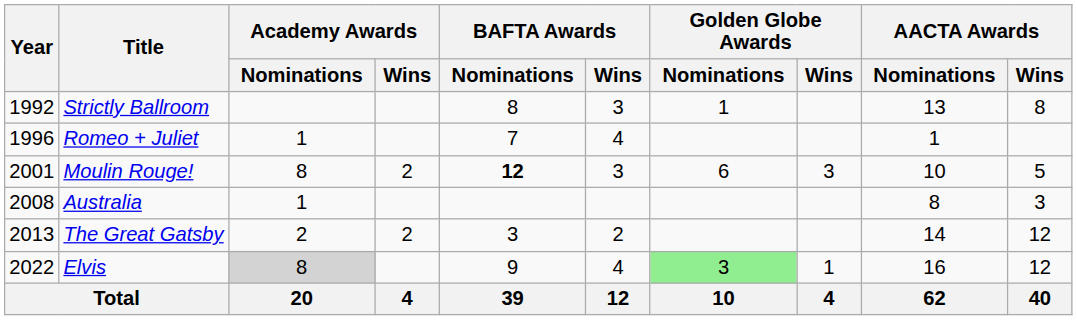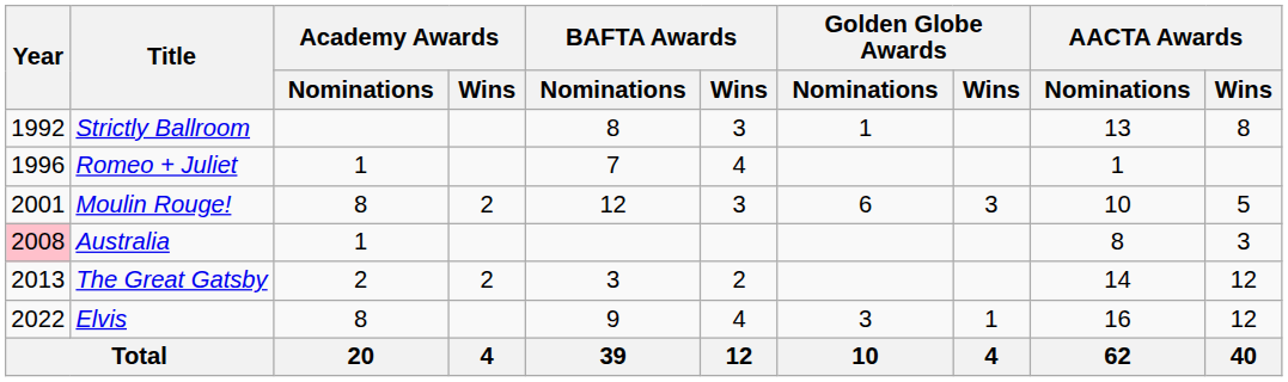 <table class="wikitable">
 <tr>
 <th rowspan="2">Year</th>
 <th rowspan="2">Title</th>
 <th colspan="2" style="text-align:center;" width=160>Academy Awards</th>
 <th colspan="2" style="text-align:center;" width=160>BAFTA Awards</th>
 <th colspan="2" style="text-align:center;" width=160>Golden Globe Awards</th>
 <th colspan="2" style="text-align:center;" width=160>AACTA Awards</th>
 </tr>
 <tr>
 <th>Nominations</th>
 <th>Wins</th>
 <th>Nominations</th>
 <th>Wins</th>
 <th>Nominations</th>
 <th>Wins</th>
 <th>Nominations</th>
 <th>Wins</th>
 </tr>
 <tr>
 <td>1992</td>
 <td><em><a href='#'>Strictly Ballroom</a></em></td>
 <td></td>
 <td></td>
 <td align=center>8</td>
 <td align=center>3</td>
 <td align=center>1</td>
 <td></td>
 <td align=center>13</td>
 <td align=center>8</td>
 </tr>
 <tr>
 <td>1996</td>
 <td><em><a href='#'>Romeo + Juliet</a></em></td>
 <td align=center>1</td>
 <td></td>
 <td align=center>7</td>
 <td align=center>4</td>
 <td></td>
 <td></td>
 <td align=center>1</td>
 <td></td>
 </tr>
 <tr>
 <td>2001</td>
 <td><em><a href='#'>Moulin Rouge!</a></em></td>
 <td align=center>8</td>
 <td align=center>2</td>
-<td align=center><strong>12</strong></td>
+<td align=center>12</td>
 <td align=center>3</td>
 <td align=center>6</td>
 <td align=center>3</td>
 <td align=center>10</td>
 <td align=center>5</td>
 </tr>
 <tr>
-<td>2008</td>
+<td style="background: pink;">2008</td>
 <td><em><a href='#'>Australia</a></em></td>
 <td align=center>1</td>
 <td></td>
 <td></td>
 <td></td>
 <td></td>
 <td></td>
 <td align=center>8</td>
 <td align=center>3</td>
 </tr>
 <tr>
 <td>2013</td>
 <td><em><a href='#'>The Great Gatsby</a></em></td>
 <td align=center>2</td>
 <td align=center>2</td>
 <td align=center>3</td>
 <td align=center>2</td>
 <td></td>
 <td></td>
 <td align=center>14</td>
 <td align=center>12</td>
 </tr>
 <tr>
 <td>2022</td>
 <td><em><a href='#'>Elvis</a></em></td>
-<td align=center style="background: lightgrey;">8</td>
+<td align=center>8</td>
 <td></td>
 <td align=center>9</td>
 <td align=center>4</td>
-<td align=center style="background: lightgreen;">3</td>
+<td align=center>3</td>
 <td align=center>1</td>
 <td align=center>16</td>
 <td align=center>12</td>
 </tr>
 <tr>
 <th colspan="2">Total</th>
 <th align=center>20</th>
 <th align=center>4</th>
 <th align=center>39</th>
 <th align=center>12</th>
 <th align=center>10</th>
 <th align=center>4</th>
 <th align=center>62</th>
 <th align=center>40</th>
 </tr>
 </table>
